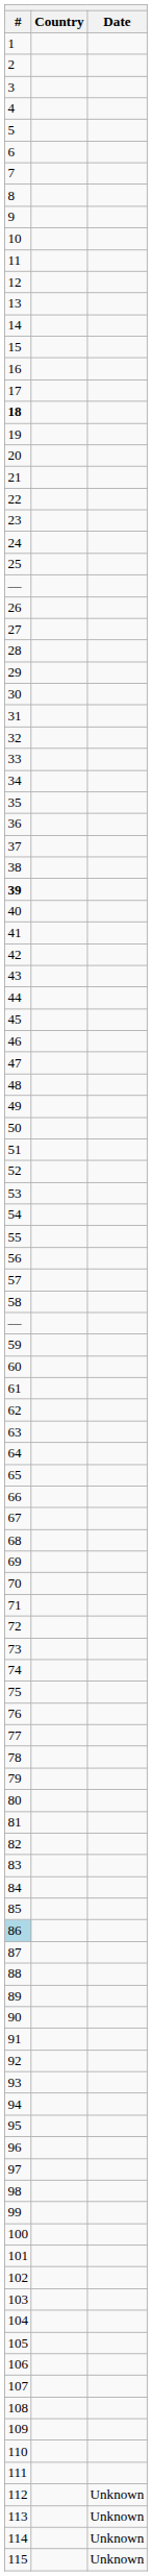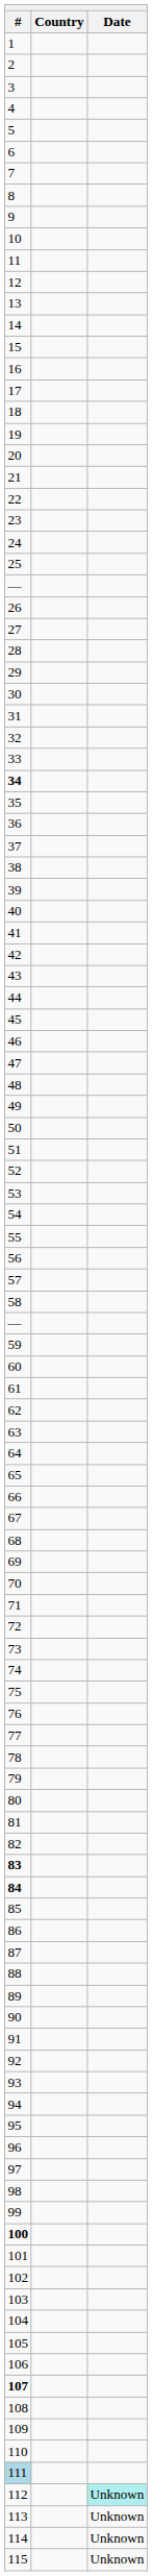 <table class="wikitable sortable">
 <tr>
 <th colspan="3"></th>
 </tr>
 <tr>
 <th>#</th>
 <th>Country</th>
 <th>Date</th>
 </tr>
 <tr>
 <td>1</td>
 <td></td>
 <td></td>
 </tr>
 <tr>
 <td>2</td>
 <td></td>
 <td></td>
 </tr>
 <tr>
 <td>3</td>
 <td></td>
 <td></td>
 </tr>
 <tr>
 <td>4</td>
 <td></td>
 <td></td>
 </tr>
 <tr>
 <td>5</td>
 <td></td>
 <td></td>
 </tr>
 <tr>
 <td>6</td>
 <td></td>
 <td></td>
 </tr>
 <tr>
 <td>7</td>
 <td></td>
 <td></td>
 </tr>
 <tr>
 <td>8</td>
 <td></td>
 <td></td>
 </tr>
 <tr>
 <td>9</td>
 <td></td>
 <td></td>
 </tr>
 <tr>
 <td>10</td>
 <td></td>
 <td></td>
 </tr>
 <tr>
 <td>11</td>
 <td></td>
 <td></td>
 </tr>
 <tr>
 <td>12</td>
 <td></td>
 <td></td>
 </tr>
 <tr>
 <td>13</td>
 <td></td>
 <td></td>
 </tr>
 <tr>
 <td>14</td>
 <td></td>
 <td></td>
 </tr>
 <tr>
 <td>15</td>
 <td></td>
 <td></td>
 </tr>
 <tr>
 <td>16</td>
 <td></td>
 <td></td>
 </tr>
 <tr>
 <td>17</td>
 <td></td>
 <td></td>
 </tr>
 <tr>
-<td><strong>18</strong></td>
+<td>18</td>
 <td></td>
 <td></td>
 </tr>
 <tr>
 <td>19</td>
 <td></td>
 <td></td>
 </tr>
 <tr>
 <td>20</td>
 <td></td>
 <td></td>
 </tr>
 <tr>
 <td>21</td>
 <td></td>
 <td></td>
 </tr>
 <tr>
 <td>22</td>
 <td></td>
 <td></td>
 </tr>
 <tr>
 <td>23</td>
 <td></td>
 <td></td>
 </tr>
 <tr>
 <td>24</td>
 <td></td>
 <td></td>
 </tr>
 <tr>
 <td>25</td>
 <td></td>
 <td></td>
 </tr>
 <tr>
 <td>—</td>
 <td></td>
 <td></td>
 </tr>
 <tr>
 <td>26</td>
 <td></td>
 <td></td>
 </tr>
 <tr>
 <td>27</td>
 <td></td>
 <td></td>
 </tr>
 <tr>
 <td>28</td>
 <td></td>
 <td></td>
 </tr>
 <tr>
 <td>29</td>
 <td></td>
 <td></td>
 </tr>
 <tr>
 <td>30</td>
 <td></td>
 <td></td>
 </tr>
 <tr>
 <td>31</td>
 <td></td>
 <td></td>
 </tr>
 <tr>
 <td>32</td>
 <td></td>
 <td></td>
 </tr>
 <tr>
 <td>33</td>
 <td></td>
 <td></td>
 </tr>
 <tr>
-<td>34</td>
+<td><strong>34</strong></td>
 <td></td>
 <td></td>
 </tr>
 <tr>
 <td>35</td>
 <td></td>
 <td></td>
 </tr>
 <tr>
 <td>36</td>
 <td></td>
 <td></td>
 </tr>
 <tr>
 <td>37</td>
 <td></td>
 <td></td>
 </tr>
 <tr>
 <td>38</td>
 <td></td>
 <td></td>
 </tr>
 <tr>
-<td><strong>39</strong></td>
+<td>39</td>
 <td></td>
 <td></td>
 </tr>
 <tr>
 <td>40</td>
 <td></td>
 <td></td>
 </tr>
 <tr>
 <td>41</td>
 <td></td>
 <td></td>
 </tr>
 <tr>
 <td>42</td>
 <td></td>
 <td></td>
 </tr>
 <tr>
 <td>43</td>
 <td></td>
 <td></td>
 </tr>
 <tr>
 <td>44</td>
 <td></td>
 <td></td>
 </tr>
 <tr>
 <td>45</td>
 <td></td>
 <td></td>
 </tr>
 <tr>
 <td>46</td>
 <td></td>
 <td></td>
 </tr>
 <tr>
 <td>47</td>
 <td></td>
 <td></td>
 </tr>
 <tr>
 <td>48</td>
 <td></td>
 <td></td>
 </tr>
 <tr>
 <td>49</td>
 <td></td>
 <td></td>
 </tr>
 <tr>
 <td>50</td>
 <td></td>
 <td></td>
 </tr>
 <tr>
 <td>51</td>
 <td></td>
 <td></td>
 </tr>
 <tr>
 <td>52</td>
 <td></td>
 <td></td>
 </tr>
 <tr>
 <td>53</td>
 <td></td>
 <td></td>
 </tr>
 <tr>
 <td>54</td>
 <td></td>
 <td></td>
 </tr>
 <tr>
 <td>55</td>
 <td></td>
 <td></td>
 </tr>
 <tr>
 <td>56</td>
 <td></td>
 <td></td>
 </tr>
 <tr>
 <td>57</td>
 <td></td>
 <td></td>
 </tr>
 <tr>
 <td>58</td>
 <td></td>
 <td></td>
 </tr>
 <tr>
 <td>—</td>
 <td></td>
 <td></td>
 </tr>
 <tr>
 <td>59</td>
 <td></td>
 <td></td>
 </tr>
 <tr>
 <td>60</td>
 <td></td>
 <td></td>
 </tr>
 <tr>
 <td>61</td>
 <td></td>
 <td></td>
 </tr>
 <tr>
 <td>62</td>
 <td></td>
 <td></td>
 </tr>
 <tr>
 <td>63</td>
 <td></td>
 <td></td>
 </tr>
 <tr>
 <td>64</td>
 <td></td>
 <td></td>
 </tr>
 <tr>
 <td>65</td>
 <td></td>
 <td></td>
 </tr>
 <tr>
 <td>66</td>
 <td></td>
 <td></td>
 </tr>
 <tr>
 <td>67</td>
 <td></td>
 <td></td>
 </tr>
 <tr>
 <td>68</td>
 <td></td>
 <td></td>
 </tr>
 <tr>
 <td>69</td>
 <td></td>
 <td></td>
 </tr>
 <tr>
 <td>70</td>
 <td></td>
 <td></td>
 </tr>
 <tr>
 <td>71</td>
 <td></td>
 <td></td>
 </tr>
 <tr>
 <td>72</td>
 <td></td>
 <td></td>
 </tr>
 <tr>
 <td>73</td>
 <td></td>
 <td></td>
 </tr>
 <tr>
 <td>74</td>
 <td></td>
 <td></td>
 </tr>
 <tr>
 <td>75</td>
 <td></td>
 <td></td>
 </tr>
 <tr>
 <td>76</td>
 <td></td>
 <td></td>
 </tr>
 <tr>
 <td>77</td>
 <td></td>
 <td></td>
 </tr>
 <tr>
 <td>78</td>
 <td></td>
 <td></td>
 </tr>
 <tr>
 <td>79</td>
 <td></td>
 <td></td>
 </tr>
 <tr>
 <td>80</td>
 <td></td>
 <td></td>
 </tr>
 <tr>
 <td>81</td>
 <td></td>
 <td></td>
 </tr>
 <tr>
 <td>82</td>
 <td></td>
 <td></td>
 </tr>
 <tr>
-<td>83</td>
+<td><strong>83</strong></td>
 <td></td>
 <td></td>
 </tr>
 <tr>
-<td>84</td>
+<td><strong>84</strong></td>
 <td></td>
 <td></td>
 </tr>
 <tr>
 <td>85</td>
 <td></td>
 <td></td>
 </tr>
 <tr>
-<td style="background: lightblue;">86</td>
+<td>86</td>
 <td></td>
 <td></td>
 </tr>
 <tr>
 <td>87</td>
 <td></td>
 <td></td>
 </tr>
 <tr>
 <td>88</td>
 <td></td>
 <td></td>
 </tr>
 <tr>
 <td>89</td>
 <td></td>
 <td></td>
 </tr>
 <tr>
 <td>90</td>
 <td></td>
 <td></td>
 </tr>
 <tr>
 <td>91</td>
 <td></td>
 <td></td>
 </tr>
 <tr>
 <td>92</td>
 <td></td>
 <td></td>
 </tr>
 <tr>
 <td>93</td>
 <td></td>
 <td></td>
 </tr>
 <tr>
 <td>94</td>
 <td></td>
 <td></td>
 </tr>
 <tr>
 <td>95</td>
 <td></td>
 <td></td>
 </tr>
 <tr>
 <td>96</td>
 <td></td>
 <td></td>
 </tr>
 <tr>
 <td>97</td>
 <td></td>
 <td></td>
 </tr>
 <tr>
 <td>98</td>
 <td></td>
 <td></td>
 </tr>
 <tr>
 <td>99</td>
 <td></td>
 <td></td>
 </tr>
 <tr>
-<td>100</td>
+<td><strong>100</strong></td>
 <td></td>
 <td></td>
 </tr>
 <tr>
 <td>101</td>
 <td></td>
 <td></td>
 </tr>
 <tr>
 <td>102</td>
 <td></td>
 <td></td>
 </tr>
 <tr>
 <td>103</td>
 <td></td>
 <td></td>
 </tr>
 <tr>
 <td>104</td>
 <td></td>
 <td></td>
 </tr>
 <tr>
 <td>105</td>
 <td></td>
 <td></td>
 </tr>
 <tr>
 <td>106</td>
 <td></td>
 <td></td>
 </tr>
 <tr>
-<td>107</td>
+<td><strong>107</strong></td>
 <td></td>
 <td></td>
 </tr>
 <tr>
 <td>108</td>
 <td></td>
 <td></td>
 </tr>
 <tr>
 <td>109</td>
 <td></td>
 <td></td>
 </tr>
 <tr>
 <td>110</td>
 <td></td>
 <td></td>
 </tr>
 <tr>
-<td>111</td>
+<td style="background: lightblue;">111</td>
 <td></td>
 <td></td>
 </tr>
 <tr>
 <td>112</td>
 <td></td>
-<td>Unknown</td>
+<td style="background: paleturquoise;">Unknown</td>
 </tr>
 <tr>
 <td>113</td>
 <td></td>
 <td>Unknown</td>
 </tr>
 <tr>
 <td>114</td>
 <td></td>
 <td>Unknown</td>
 </tr>
 <tr>
 <td>115</td>
 <td></td>
 <td>Unknown</td>
 </tr>
 </table>
